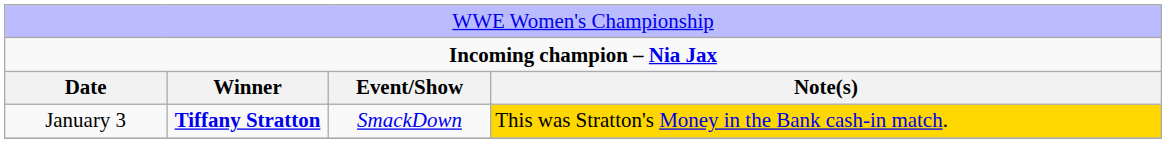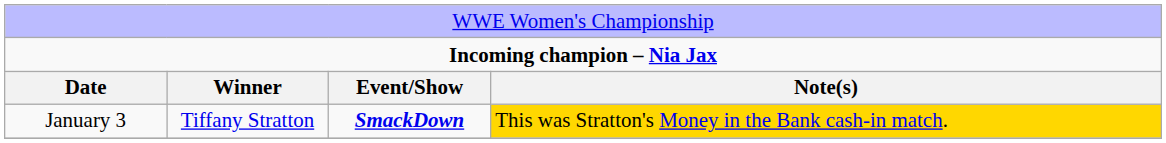 <table class="wikitable" style="text-align:center; width:100%;">
 <tr style="background:#BBF;">
 <td colspan="4" style="text-align: center;"><a href='#'>WWE Women's Championship</a></td>
 </tr>
 <tr>
 <td colspan="4" style="text-align: center;"><strong>Incoming champion – <a href='#'>Nia Jax</a></strong></td>
 </tr>
 <tr>
 <th width="14%">Date</th>
 <th width="14%">Winner</th>
 <th width="14%">Event/Show</th>
 <th width="58%">Note(s)</th>
 </tr>
 <tr>
 <td>January 3</td>
-<td><strong><a href='#'>Tiffany Stratton</a></strong></td>
-<td><em><a href='#'>SmackDown</a></em></td>
+<td><a href='#'>Tiffany Stratton</a></td>
+<td><strong><em><a href='#'>SmackDown</a></em></strong></td>
 <td align=left style="background: gold;">This was Stratton's <a href='#'>Money in the Bank cash-in match</a>.</td>
 </tr>
 <tr>
 </tr>
 </table>
